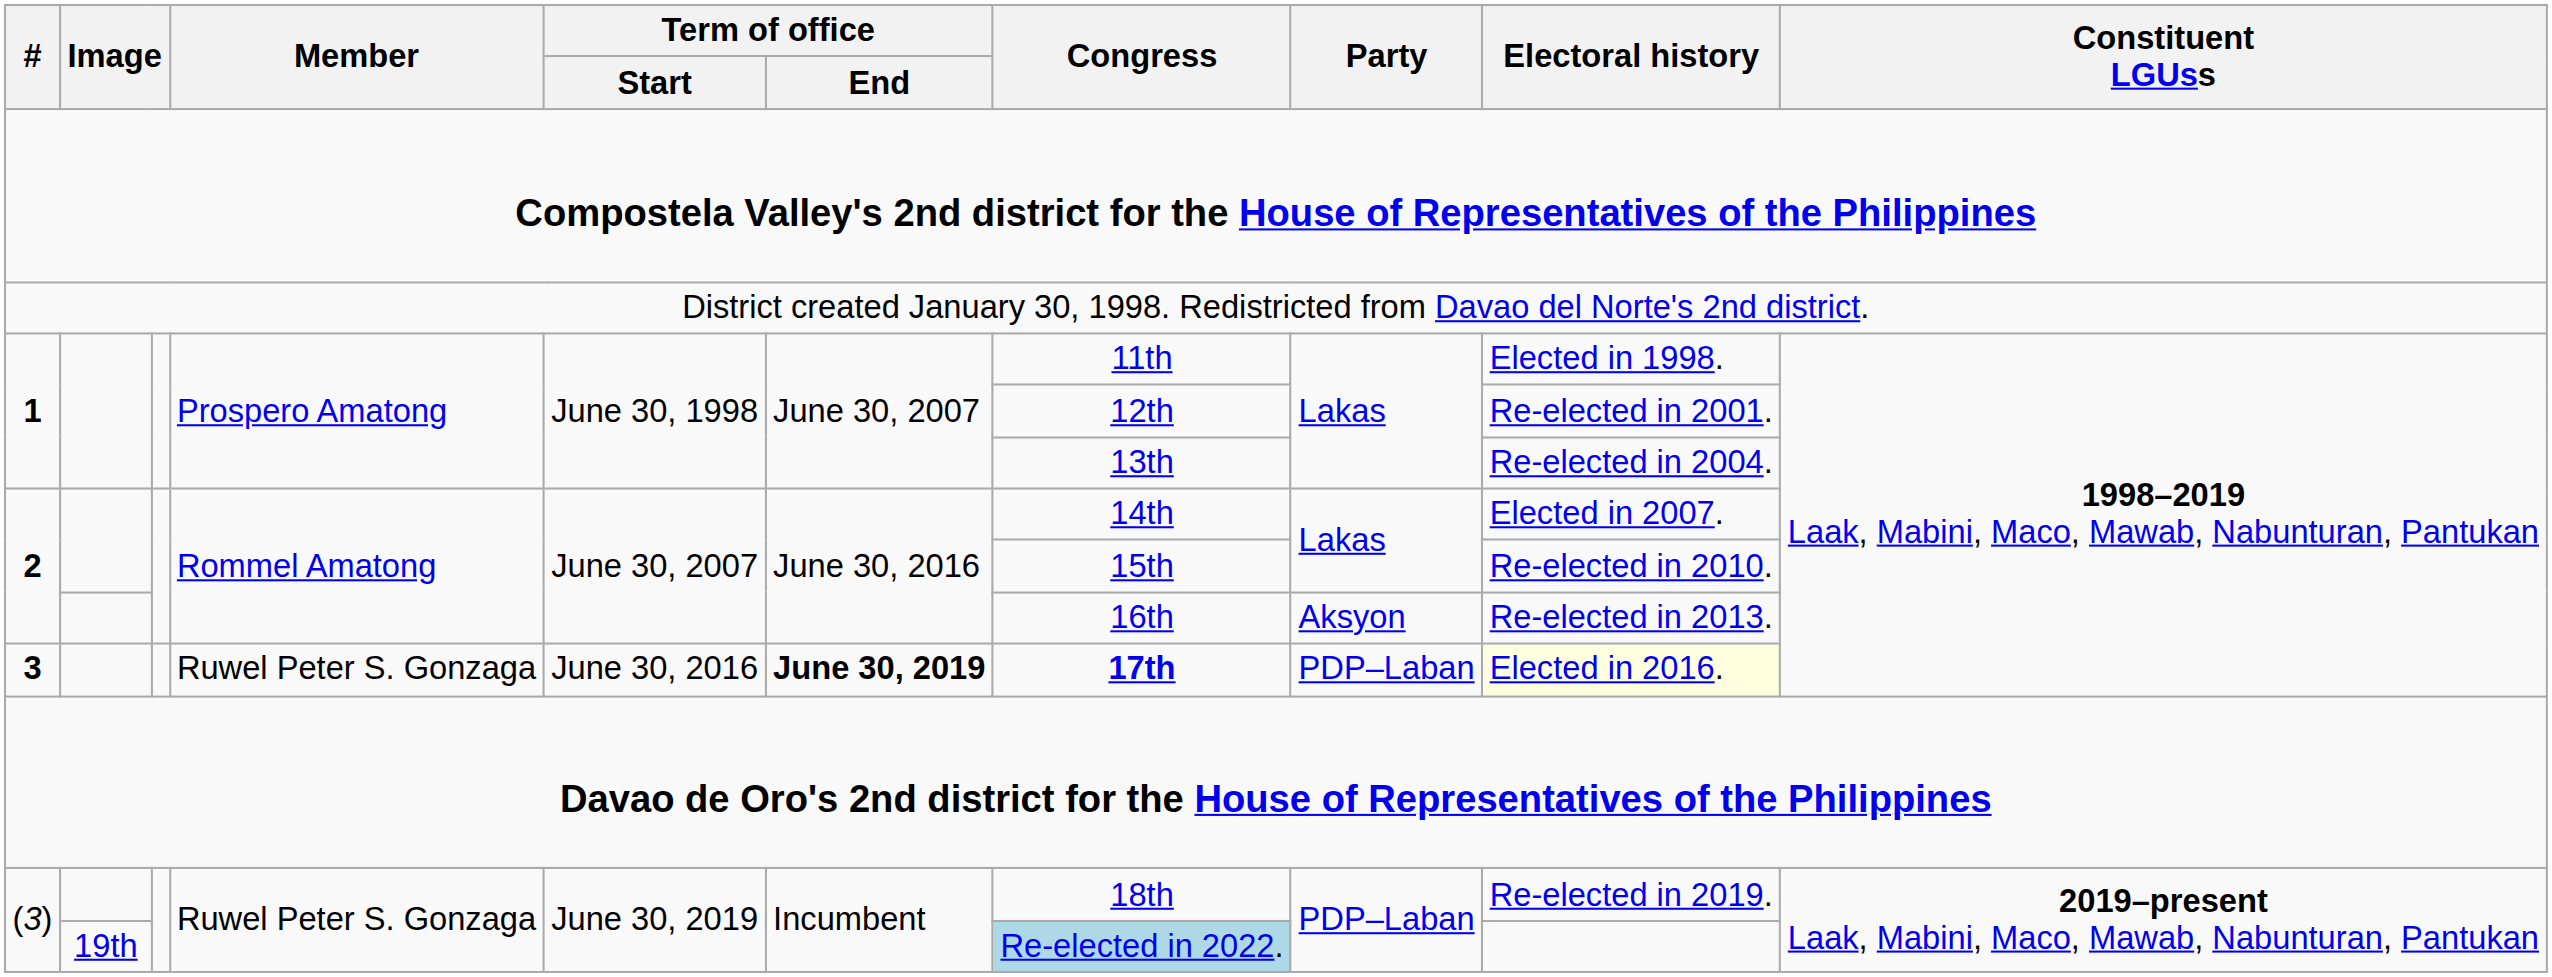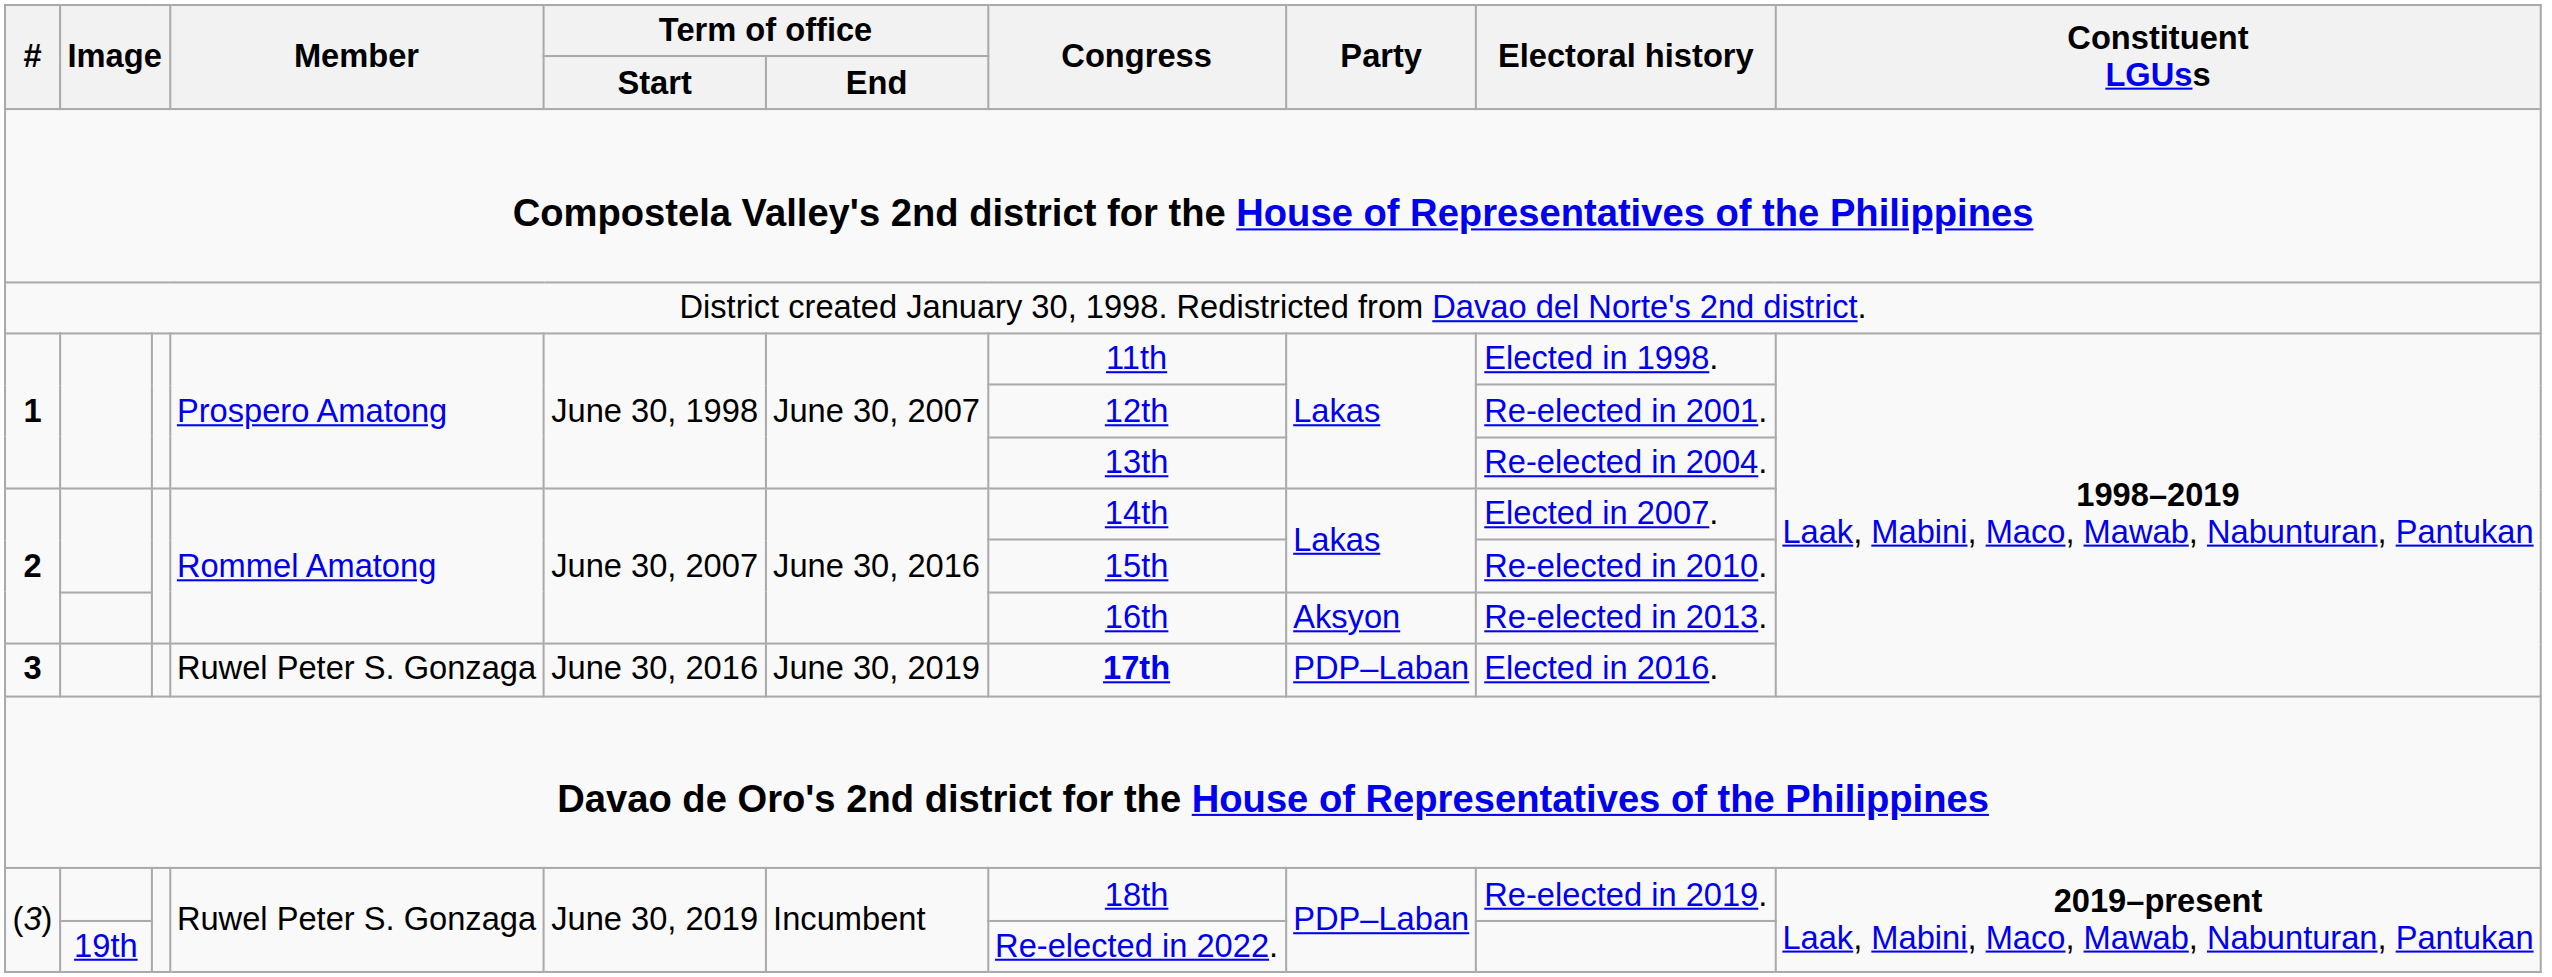 <table class=wikitable>
 <tr>
 <th rowspan="2">#</th>
 <th rowspan="2" colspan=2>Image</th>
 <th rowspan="2">Member</th>
 <th colspan=2>Term of office</th>
 <th rowspan="2">Congress</th>
 <th rowspan="2">Party</th>
 <th rowspan="2">Electoral history</th>
 <th rowspan="2">Constituent<br><a href='#'>LGUs</a>s</th>
 </tr>
 <tr>
 <th>Start</th>
 <th>End</th>
 </tr>
 <tr>
 <td colspan="10" style="text-align:center;"><br><h3>Compostela Valley's 2nd district for the <a href='#'>House of Representatives of the Philippines</a></h3></td>
 </tr>
 <tr>
 <td colspan="10" style="text-align:center;">District created January 30, 1998. Redistricted from <a href='#'>Davao del Norte's 2nd district</a>.</td>
 </tr>
 <tr>
 <td rowspan="3" style="text-align:center;"><strong>1</strong></td>
 <td rowspan="3" style="color:inherit;background:"></td>
 <td rowspan="3"></td>
 <td rowspan="3"><a href='#'>Prospero Amatong</a></td>
 <td rowspan="3">June 30, 1998</td>
 <td rowspan="3">June 30, 2007</td>
 <td style="text-align:center;"><a href='#'>11th</a></td>
 <td rowspan="3"><a href='#'>Lakas</a></td>
 <td><a href='#'>Elected in 1998</a>.</td>
 <td rowspan="7" style="text-align:center;"><strong>1998–2019</strong><br><a href='#'>Laak</a>, <a href='#'>Mabini</a>, <a href='#'>Maco</a>, <a href='#'>Mawab</a>, <a href='#'>Nabunturan</a>, <a href='#'>Pantukan</a></td>
 </tr>
 <tr>
 <td style="text-align:center;"><a href='#'>12th</a></td>
 <td><a href='#'>Re-elected in 2001</a>.</td>
 </tr>
 <tr>
 <td style="text-align:center;"><a href='#'>13th</a></td>
 <td><a href='#'>Re-elected in 2004</a>.</td>
 </tr>
 <tr>
 <td rowspan="3" style="text-align:center;"><strong>2</strong></td>
 <td rowspan="2" style="color:inherit;background:"></td>
 <td rowspan="3"></td>
 <td rowspan="3"><a href='#'>Rommel Amatong</a></td>
 <td rowspan="3">June 30, 2007</td>
 <td rowspan="3">June 30, 2016</td>
 <td style="text-align:center;"><a href='#'>14th</a></td>
 <td rowspan="2"><a href='#'>Lakas</a></td>
 <td><a href='#'>Elected in 2007</a>.</td>
 </tr>
 <tr>
 <td style="text-align:center;"><a href='#'>15th</a></td>
 <td><a href='#'>Re-elected in 2010</a>.</td>
 </tr>
 <tr>
 <td style="color:inherit;background:"></td>
 <td style="text-align:center;"><a href='#'>16th</a></td>
 <td><a href='#'>Aksyon</a></td>
 <td><a href='#'>Re-elected in 2013</a>.</td>
 </tr>
 <tr>
 <td style="text-align:center;"><strong>3</strong></td>
 <td style="color:inherit;background:"></td>
 <td></td>
 <td>Ruwel Peter S. Gonzaga</td>
 <td>June 30, 2016</td>
-<td><strong>June 30, 2019</strong></td>
+<td>June 30, 2019</td>
 <td style="text-align:center;"><strong><a href='#'>17th</a></strong></td>
 <td><a href='#'>PDP–Laban</a></td>
-<td style="background: lightyellow;"><a href='#'>Elected in 2016</a>.</td>
+<td><a href='#'>Elected in 2016</a>.</td>
 </tr>
 <tr>
 <td colspan="10" style="text-align:center;"><br><h3>Davao de Oro's 2nd district for the <a href='#'>House of Representatives of the Philippines</a></h3></td>
 </tr>
 <tr>
 <td rowspan="2" style="text-align:center;">(<em>3</em>)</td>
 <td style="background:"></td>
 <td rowspan="2"></td>
 <td rowspan="2">Ruwel Peter S. Gonzaga</td>
 <td rowspan="2">June 30, 2019</td>
 <td rowspan="2">Incumbent</td>
 <td style="text-align:center;"><a href='#'>18th</a></td>
 <td rowspan="2"><a href='#'>PDP–Laban</a></td>
 <td><a href='#'>Re-elected in 2019</a>.</td>
 <td rowspan=99 style="text-align:center;"><strong>2019–present</strong><br><a href='#'>Laak</a>, <a href='#'>Mabini</a>, <a href='#'>Maco</a>, <a href='#'>Mawab</a>, <a href='#'>Nabunturan</a>, <a href='#'>Pantukan</a></td>
 </tr>
 <tr>
 <td style="text-align:center;"><a href='#'>19th</a></td>
-<td style="background: lightblue;"><a href='#'>Re-elected in 2022</a>.</td>
+<td><a href='#'>Re-elected in 2022</a>.</td>
 </tr>
 </table>
